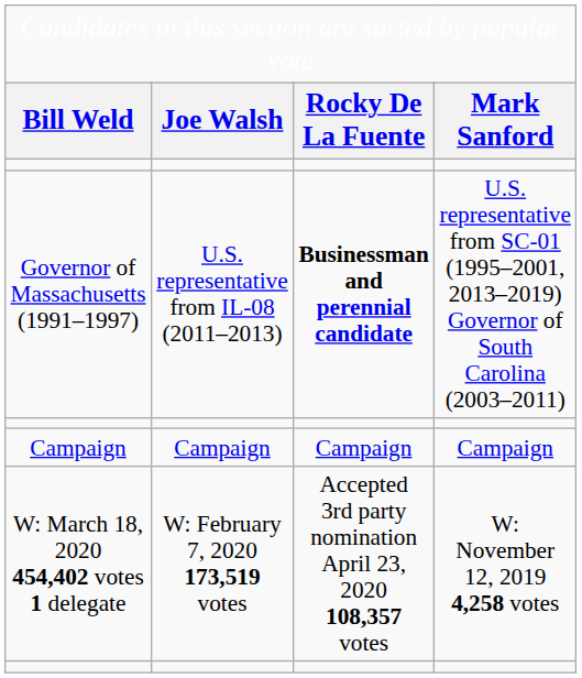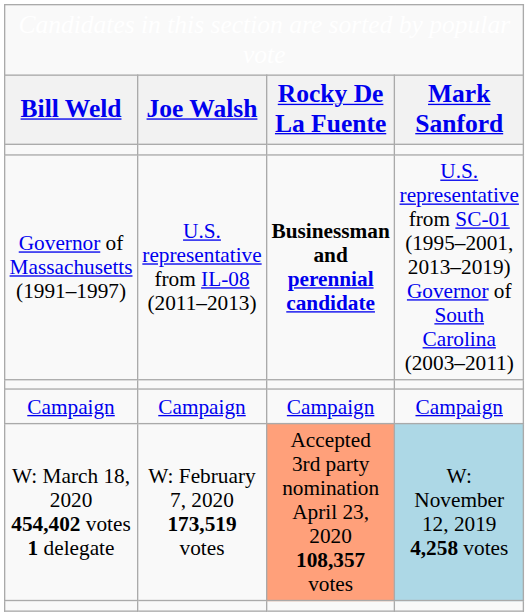 <table class="wikitable mw-collapsible mw-collapsed">
 <tr>
 <td colspan="7" style="text-align:center; font-size:120%; color:white; background:"><em>Candidates in this section are sorted by popular vote</em></td>
 </tr>
 <tr style="font-size:120%;">
 <th scope="col" style="width:3em;"><a href='#'>Bill Weld</a></th>
 <th scope="col" style="width:3em;"><a href='#'>Joe Walsh</a></th>
 <th scope="col" style="width:3em;"><a href='#'>Rocky De La Fuente</a></th>
 <th scope="col" style="width:3em;"><a href='#'>Mark Sanford</a></th>
 </tr>
 <tr>
 <td></td>
 <td></td>
 <td></td>
 <td></td>
 </tr>
 <tr style="text-align:center">
 <td><a href='#'>Governor</a> of <a href='#'>Massachusetts</a><br>(1991–1997)</td>
 <td><a href='#'>U.S. representative</a> from <a href='#'>IL-08</a><br>(2011–2013)</td>
 <td><strong>Businessman and <a href='#'>perennial candidate</a></strong></td>
 <td><a href='#'>U.S. representative</a> from <a href='#'>SC-01</a><br>(1995–2001, 2013–2019)<br><a href='#'>Governor</a> of <a href='#'>South Carolina</a><br>(2003–2011)</td>
 </tr>
 <tr style="text-align:center">
 <td></td>
 <td></td>
 <td></td>
 <td></td>
 </tr>
 <tr style="text-align:center">
 <td><a href='#'>Campaign</a></td>
 <td><a href='#'>Campaign</a></td>
 <td><a href='#'>Campaign</a></td>
 <td><a href='#'>Campaign</a></td>
 </tr>
 <tr style="text-align:center">
 <td>W: March 18, 2020<br><strong>454,402</strong> votes<br><strong>1</strong> delegate</td>
 <td>W: February 7, 2020<br><strong>173,519</strong> votes<br></td>
-<td>Accepted<br> 3rd party nomination<br> April 23, 2020<br><strong>108,357</strong> votes<br></td>
-<td>W: November 12, 2019<br><strong>4,258</strong> votes<br></td>
+<td style="background: lightsalmon;">Accepted<br> 3rd party nomination<br> April 23, 2020<br><strong>108,357</strong> votes<br></td>
+<td style="background: lightblue;">W: November 12, 2019<br><strong>4,258</strong> votes<br></td>
 </tr>
 <tr style="text-align:center">
 <td></td>
 <td></td>
 <td></td>
 <td></td>
 </tr>
 </table>
